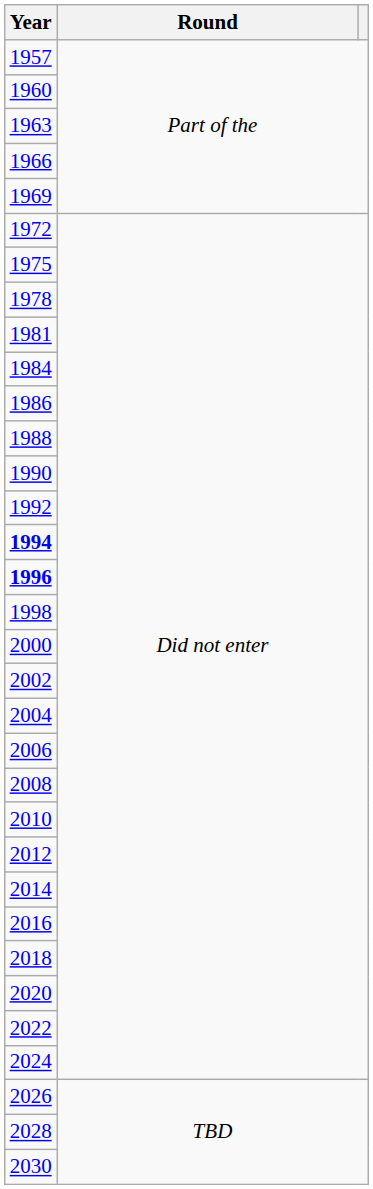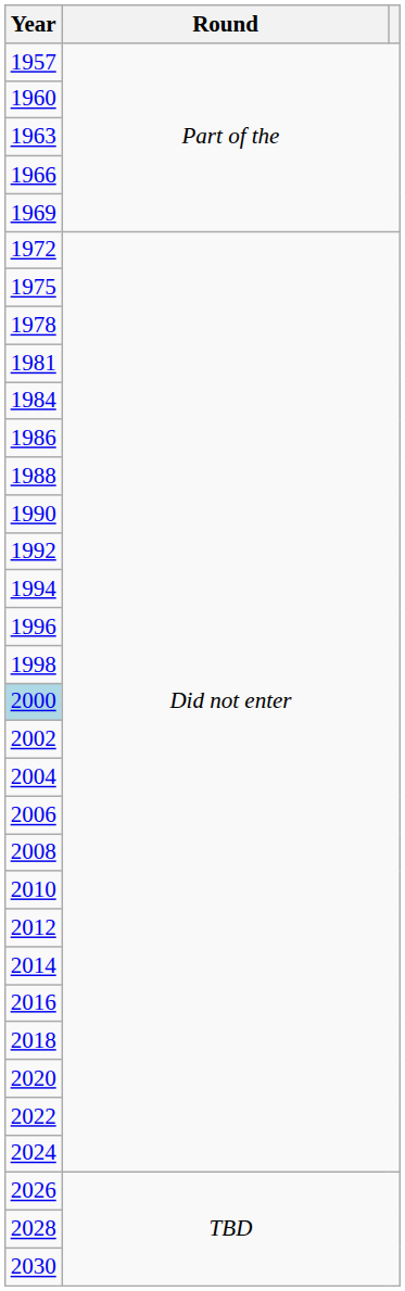 <table class="wikitable" style="text-align: center; font-size:90%">
 <tr>
 <th>Year</th>
 <th style="width:200px">Round</th>
 <th></th>
 </tr>
 <tr>
 <td><a href='#'>1957</a></td>
 <td colspan="2" rowspan="5"><em>Part of the </em></td>
 </tr>
 <tr>
 <td><a href='#'>1960</a></td>
 </tr>
 <tr>
 <td><a href='#'>1963</a></td>
 </tr>
 <tr>
 <td><a href='#'>1966</a></td>
 </tr>
 <tr>
 <td><a href='#'>1969</a></td>
 </tr>
 <tr>
 <td><a href='#'>1972</a></td>
 <td colspan="2" rowspan="25"><em>Did not enter</em></td>
 </tr>
 <tr>
 <td><a href='#'>1975</a></td>
 </tr>
 <tr>
 <td><a href='#'>1978</a></td>
 </tr>
 <tr>
 <td><a href='#'>1981</a></td>
 </tr>
 <tr>
 <td><a href='#'>1984</a></td>
 </tr>
 <tr>
 <td><a href='#'>1986</a></td>
 </tr>
 <tr>
 <td><a href='#'>1988</a></td>
 </tr>
 <tr>
 <td><a href='#'>1990</a></td>
 </tr>
 <tr>
 <td><a href='#'>1992</a></td>
 </tr>
 <tr>
-<td><strong><a href='#'>1994</a></strong></td>
+<td><a href='#'>1994</a></td>
 </tr>
 <tr>
-<td><strong><a href='#'>1996</a></strong></td>
+<td><a href='#'>1996</a></td>
 </tr>
 <tr>
 <td><a href='#'>1998</a></td>
 </tr>
 <tr>
-<td><a href='#'>2000</a></td>
+<td style="background: lightblue;"><a href='#'>2000</a></td>
 </tr>
 <tr>
 <td><a href='#'>2002</a></td>
 </tr>
 <tr>
 <td><a href='#'>2004</a></td>
 </tr>
 <tr>
 <td><a href='#'>2006</a></td>
 </tr>
 <tr>
 <td><a href='#'>2008</a></td>
 </tr>
 <tr>
 <td><a href='#'>2010</a></td>
 </tr>
 <tr>
 <td><a href='#'>2012</a></td>
 </tr>
 <tr>
 <td><a href='#'>2014</a></td>
 </tr>
 <tr>
 <td><a href='#'>2016</a></td>
 </tr>
 <tr>
 <td><a href='#'>2018</a></td>
 </tr>
 <tr>
 <td><a href='#'>2020</a></td>
 </tr>
 <tr>
 <td><a href='#'>2022</a></td>
 </tr>
 <tr>
 <td><a href='#'>2024</a></td>
 </tr>
 <tr>
 <td><a href='#'>2026</a></td>
 <td colspan="2" rowspan="3"><em>TBD</em></td>
 </tr>
 <tr>
 <td><a href='#'>2028</a></td>
 </tr>
 <tr>
 <td><a href='#'>2030</a></td>
 </tr>
 </table>
